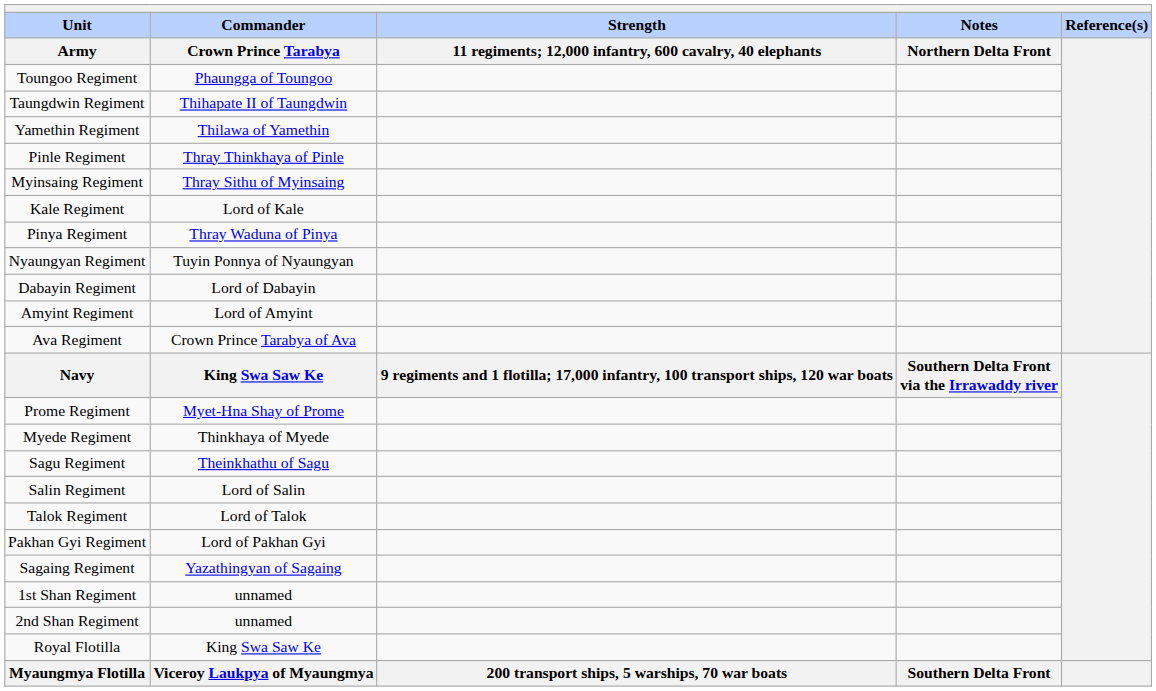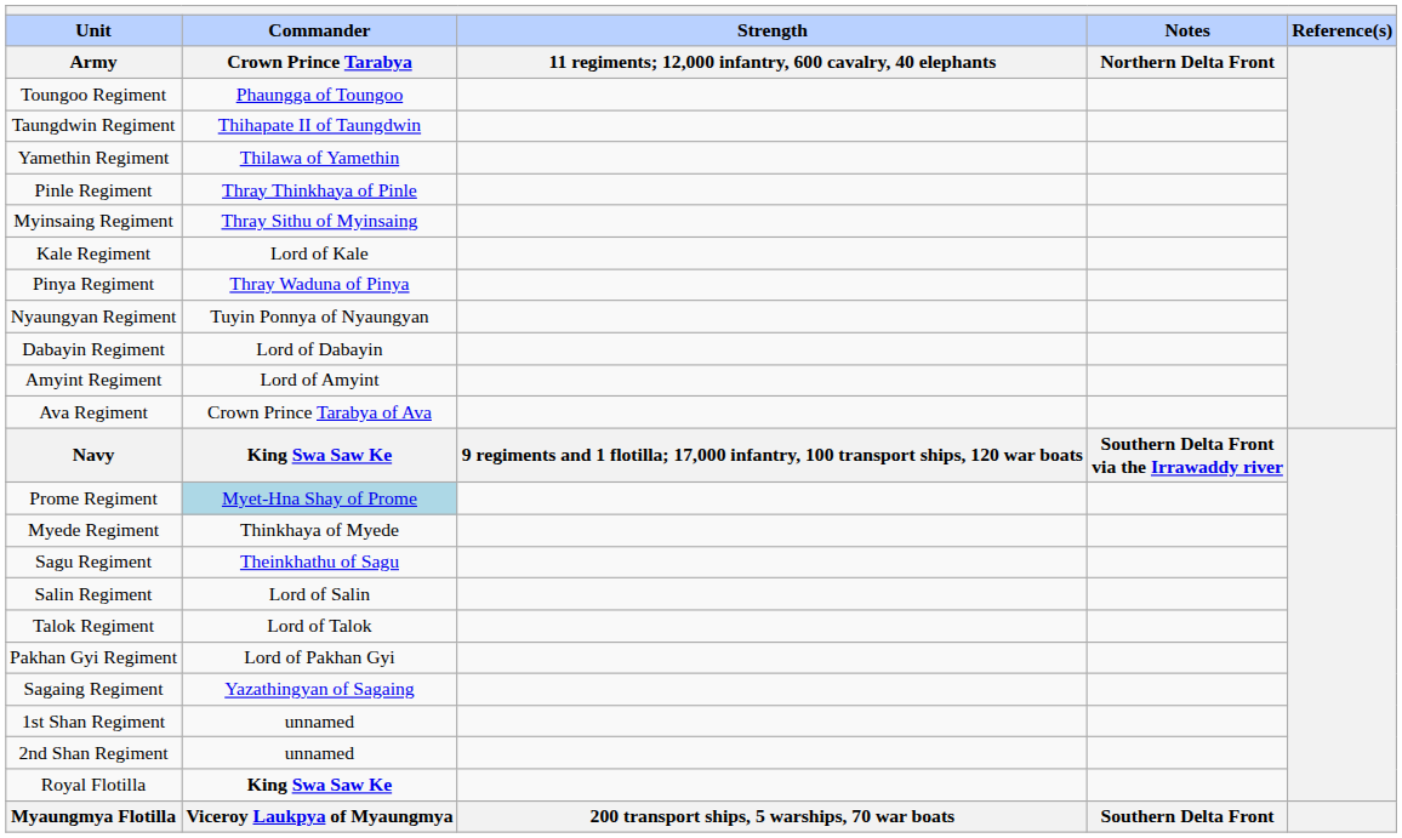 <table class="wikitable collapsible" style="min-width:60em; margin:0.3em auto; font-size:88%;">
 <tr>
 <th colspan=5></th>
 </tr>
 <tr>
 <th style="background-color:#B9D1FF">Unit</th>
 <th style="background-color:#B9D1FF">Commander</th>
 <th style="background-color:#B9D1FF">Strength</th>
 <th style="background-color:#B9D1FF">Notes</th>
 <th style="background-color:#B9D1FF">Reference(s)</th>
 </tr>
 <tr>
 <th colspan="1">Army</th>
 <th colspan="1">Crown Prince <a href='#'>Tarabya</a></th>
 <th colspan="1">11 regiments; 12,000 infantry, 600 cavalry, 40 elephants</th>
 <th colspan="1">Northern Delta Front</th>
 <th rowspan="12"></th>
 </tr>
 <tr>
 <td align="center">Toungoo Regiment</td>
 <td align="center"><a href='#'>Phaungga of Toungoo</a></td>
 <td align="center"></td>
 <td align="center"></td>
 </tr>
 <tr>
 <td align="center">Taungdwin Regiment</td>
 <td align="center"><a href='#'>Thihapate II of Taungdwin</a></td>
 <td align="center"></td>
 <td align="center"></td>
 </tr>
 <tr>
 <td align="center">Yamethin Regiment</td>
 <td align="center"><a href='#'>Thilawa of Yamethin</a></td>
 <td align="center"></td>
 <td align="center"></td>
 </tr>
 <tr>
 <td align="center">Pinle Regiment</td>
 <td align="center"><a href='#'>Thray Thinkhaya of Pinle</a></td>
 <td align="center"></td>
 <td align="center"></td>
 </tr>
 <tr>
 <td align="center">Myinsaing Regiment</td>
 <td align="center"><a href='#'>Thray Sithu of Myinsaing</a></td>
 <td align="center"></td>
 <td align="center"></td>
 </tr>
 <tr>
 <td align="center">Kale Regiment</td>
 <td align="center">Lord of Kale</td>
 <td align="center"></td>
 <td align="center"></td>
 </tr>
 <tr>
 <td align="center">Pinya Regiment</td>
 <td align="center"><a href='#'>Thray Waduna of Pinya</a></td>
 <td align="center"></td>
 <td align="center"></td>
 </tr>
 <tr>
 <td align="center">Nyaungyan Regiment</td>
 <td align="center">Tuyin Ponnya of Nyaungyan</td>
 <td align="center"></td>
 <td align="center"></td>
 </tr>
 <tr>
 <td align="center">Dabayin Regiment</td>
 <td align="center">Lord of Dabayin</td>
 <td align="center"></td>
 <td align="center"></td>
 </tr>
 <tr>
 <td align="center">Amyint Regiment</td>
 <td align="center">Lord of Amyint</td>
 <td align="center"></td>
 <td align="center"></td>
 </tr>
 <tr>
 <td align="center">Ava Regiment</td>
 <td align="center">Crown Prince <a href='#'>Tarabya of Ava</a></td>
 <td align="center"></td>
 <td align="center"></td>
 </tr>
 <tr>
 <th colspan="1">Navy</th>
 <th colspan="1">King <a href='#'>Swa Saw Ke</a></th>
 <th colspan="1">9 regiments and 1 flotilla; 17,000 infantry, 100 transport ships, 120 war boats</th>
 <th colspan="1">Southern Delta Front <br> via the <a href='#'>Irrawaddy river</a></th>
 <th rowspan="11"></th>
 </tr>
 <tr>
 <td align="center">Prome Regiment</td>
-<td align="center"><a href='#'>Myet-Hna Shay of Prome</a></td>
+<td align="center" style="background: lightblue;"><a href='#'>Myet-Hna Shay of Prome</a></td>
 <td align="center"></td>
 <td align="center"></td>
 </tr>
 <tr>
 <td align="center">Myede Regiment</td>
 <td align="center">Thinkhaya of Myede</td>
 <td align="center"></td>
 <td align="center"></td>
 </tr>
 <tr>
 <td align="center">Sagu Regiment</td>
 <td align="center"><a href='#'>Theinkhathu of Sagu</a></td>
 <td align="center"></td>
 <td align="center"></td>
 </tr>
 <tr>
 <td align="center">Salin Regiment</td>
 <td align="center">Lord of Salin</td>
 <td align="center"></td>
 <td align="center"></td>
 </tr>
 <tr>
 <td align="center">Talok Regiment</td>
 <td align="center">Lord of Talok</td>
 <td align="center"></td>
 <td align="center"></td>
 </tr>
 <tr>
 <td align="center">Pakhan Gyi Regiment</td>
 <td align="center">Lord of Pakhan Gyi</td>
 <td align="center"></td>
 <td align="center"></td>
 </tr>
 <tr>
 <td align="center">Sagaing Regiment</td>
 <td align="center"><a href='#'>Yazathingyan of Sagaing</a></td>
 <td align="center"></td>
 <td align="center"></td>
 </tr>
 <tr>
 <td align="center">1st Shan Regiment</td>
 <td align="center">unnamed</td>
 <td align="center"></td>
 <td align="center"></td>
 </tr>
 <tr>
 <td align="center">2nd Shan Regiment</td>
 <td align="center">unnamed</td>
 <td align="center"></td>
 <td align="center"></td>
 </tr>
 <tr>
 <td align="center">Royal Flotilla</td>
-<td align="center">King <a href='#'>Swa Saw Ke</a></td>
+<td align="center"><strong>King <a href='#'>Swa Saw Ke</a></strong></td>
 <td align="center"></td>
 <td align="center"></td>
 </tr>
 <tr>
 <th colspan="1">Myaungmya Flotilla</th>
 <th colspan="1">Viceroy <a href='#'>Laukpya</a> of Myaungmya</th>
 <th colspan="1">200 transport ships, 5 warships, 70 war boats</th>
 <th colspan="1">Southern Delta Front</th>
 <th colspan="1"></th>
 </tr>
 </table>
